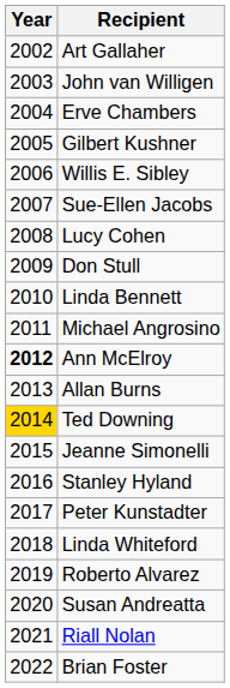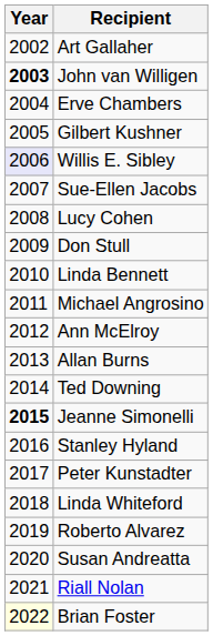 <table class="wikitable">
 <tr>
 <th>Year</th>
 <th>Recipient</th>
 </tr>
 <tr>
 <td>2002</td>
 <td>Art Gallaher</td>
 </tr>
 <tr>
-<td>2003</td>
+<td><strong>2003</strong></td>
 <td>John van Willigen</td>
 </tr>
 <tr>
 <td>2004</td>
 <td>Erve Chambers</td>
 </tr>
 <tr>
 <td>2005</td>
 <td>Gilbert Kushner</td>
 </tr>
 <tr>
-<td>2006</td>
+<td style="background: lavender;">2006</td>
 <td>Willis E. Sibley</td>
 </tr>
 <tr>
 <td>2007</td>
 <td>Sue-Ellen Jacobs</td>
 </tr>
 <tr>
 <td>2008</td>
 <td>Lucy Cohen</td>
 </tr>
 <tr>
 <td>2009</td>
 <td>Don Stull</td>
 </tr>
 <tr>
 <td>2010</td>
 <td>Linda Bennett</td>
 </tr>
 <tr>
 <td>2011</td>
 <td>Michael Angrosino</td>
 </tr>
 <tr>
-<td><strong>2012</strong></td>
+<td>2012</td>
 <td>Ann McElroy</td>
 </tr>
 <tr>
 <td>2013</td>
 <td>Allan Burns</td>
 </tr>
 <tr>
-<td style="background: gold;">2014</td>
+<td>2014</td>
 <td>Ted Downing</td>
 </tr>
 <tr>
-<td>2015</td>
+<td><strong>2015</strong></td>
 <td>Jeanne Simonelli</td>
 </tr>
 <tr>
 <td>2016</td>
 <td>Stanley Hyland</td>
 </tr>
 <tr>
 <td>2017</td>
 <td>Peter Kunstadter</td>
 </tr>
 <tr>
 <td>2018</td>
 <td>Linda Whiteford</td>
 </tr>
 <tr>
 <td>2019</td>
 <td>Roberto Alvarez</td>
 </tr>
 <tr>
 <td>2020</td>
 <td>Susan Andreatta</td>
 </tr>
 <tr>
 <td>2021</td>
 <td><a href='#'>Riall Nolan</a></td>
 </tr>
 <tr>
-<td>2022</td>
+<td style="background: lightyellow;">2022</td>
 <td>Brian Foster</td>
 </tr>
 </table>
